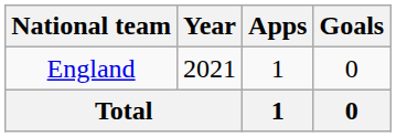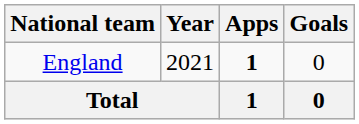 <table class="wikitable" style="text-align: center;">
 <tr>
 <th>National team</th>
 <th>Year</th>
 <th>Apps</th>
 <th>Goals</th>
 </tr>
 <tr>
 <td><a href='#'>England</a></td>
 <td>2021</td>
-<td>1</td>
+<td><strong>1</strong></td>
 <td>0</td>
 </tr>
 <tr>
 <th colspan="2">Total</th>
 <th>1</th>
 <th>0</th>
 </tr>
 </table>
